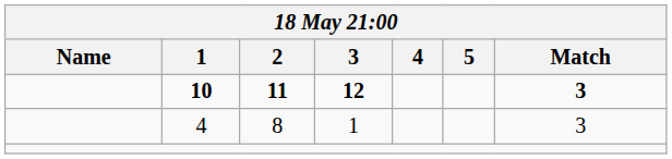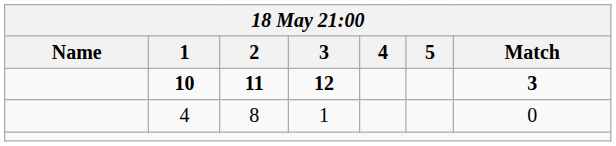 <table class=wikitable style="text-align:center; width: 55%">
 <tr>
 <th colspan=17><em>18 May 21:00</em></th>
 </tr>
 <tr>
 <th>Name</th>
 <th>1</th>
 <th>2</th>
 <th>3</th>
 <th>4</th>
 <th>5</th>
 <th>Match</th>
 </tr>
 <tr>
 <td style="text-align:left;"><strong></strong></td>
 <td><strong>10</strong></td>
 <td><strong>11</strong></td>
 <td><strong>12</strong></td>
 <td></td>
 <td></td>
 <td><strong>3</strong></td>
 </tr>
 <tr>
 <td style="text-align:left;"></td>
 <td>4</td>
 <td>8</td>
 <td>1</td>
 <td></td>
 <td></td>
-<td>3</td>
+<td>0</td>
 </tr>
 <tr>
 <td colspan=17></td>
 </tr>
 </table>
